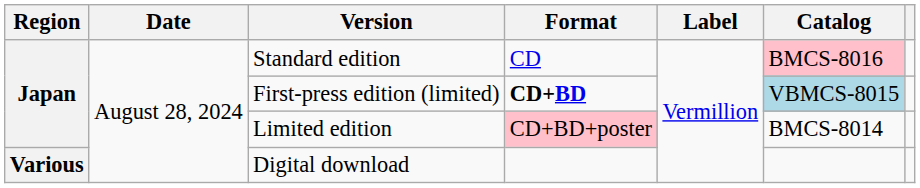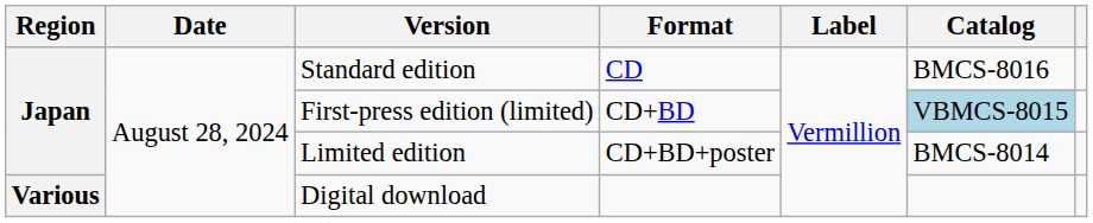 <table class="wikitable sortable plainrowheaders">
 <tr>
 <th scope="col">Region</th>
 <th scope="col">Date</th>
 <th scope="col">Version</th>
 <th scope="col">Format</th>
 <th scope="col">Label</th>
 <th scope="col">Catalog </th>
 <th scope="col"></th>
 </tr>
 <tr>
 <th scope="row" rowspan="3">Japan</th>
 <td rowspan="4">August 28, 2024</td>
 <td>Standard edition</td>
 <td><a href='#'>CD</a></td>
 <td rowspan="4"><a href='#'>Vermillion</a></td>
-<td style="background: pink;">BMCS-8016</td>
+<td>BMCS-8016</td>
 <td></td>
 </tr>
 <tr>
 <td>First-press edition (limited)</td>
-<td><strong>CD+<a href='#'>BD</a></strong></td>
+<td>CD+<a href='#'>BD</a></td>
 <td style="background: lightblue;">VBMCS-8015</td>
 <td></td>
 </tr>
 <tr>
 <td>Limited edition</td>
-<td style="background: pink;">CD+BD+poster</td>
+<td>CD+BD+poster</td>
 <td>BMCS-8014</td>
 <td></td>
 </tr>
 <tr>
 <th scope="row">Various</th>
 <td>Digital download</td>
 <td></td>
 <td></td>
 <td></td>
 </tr>
 </table>
